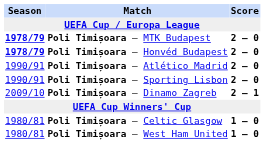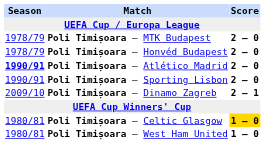 <table class="toccolours" border="0" cellpadding="2" cellspacing="0" align="left" style="margin:0.5em;">
 <tr bgcolor=#CADCFB>
 <th>Season</th>
 <th>Match</th>
 <th>Score</th>
 </tr>
 <tr>
 <th colspan="4" bgcolor=#EFEFEF><a href='#'>UEFA Cup / Europa League</a></th>
 </tr>
 <tr>
-<td align="center"><strong><a href='#'>1978/79</a></strong></td>
+<td align="center"><a href='#'>1978/79</a></td>
 <td align="left"><strong>Poli Timișoara</strong> –  <a href='#'>MTK Budapest</a></td>
 <td align="center"><strong>2 – 0</strong></td>
 </tr>
 <tr>
-<td align="center"><strong><a href='#'>1978/79</a></strong></td>
+<td align="center"><a href='#'>1978/79</a></td>
 <td align="left"><strong>Poli Timișoara</strong> –  <a href='#'>Honvéd Budapest</a></td>
 <td align="center"><strong>2 – 0</strong></td>
 </tr>
 <tr>
-<td align="center"><a href='#'>1990/91</a></td>
+<td align="center"><strong><a href='#'>1990/91</a></strong></td>
 <td align="left"><strong>Poli Timișoara</strong> –  <a href='#'>Atlético Madrid</a></td>
 <td align="center"><strong>2 – 0</strong></td>
 </tr>
 <tr>
 <td align="center"><a href='#'>1990/91</a></td>
 <td align="left"><strong>Poli Timișoara</strong> –  <a href='#'>Sporting Lisbon</a></td>
 <td align="center"><strong>2 – 0</strong></td>
 </tr>
 <tr>
 <td align="center"><a href='#'>2009/10</a></td>
 <td align="left"><strong>Poli Timișoara</strong> –  <a href='#'>Dinamo Zagreb</a></td>
 <td align="center"><strong>2 – 1</strong></td>
 </tr>
 <tr>
 <th colspan="4" bgcolor=#EFEFEF><a href='#'>UEFA Cup Winners' Cup</a></th>
 </tr>
 <tr>
 <td align="center"><a href='#'>1980/81</a></td>
 <td align="left"><strong>Poli Timișoara</strong> –  <a href='#'>Celtic Glasgow</a></td>
-<td align="center"><strong>1 – 0</strong></td>
+<td align="center" style="background: gold;"><strong>1 – 0</strong></td>
 </tr>
 <tr>
 <td align="center"><a href='#'>1980/81</a></td>
 <td align="left"><strong>Poli Timișoara</strong> –  <a href='#'>West Ham United</a></td>
 <td align="center"><strong>1 – 0</strong></td>
 </tr>
 <tr>
 </tr>
 </table>
